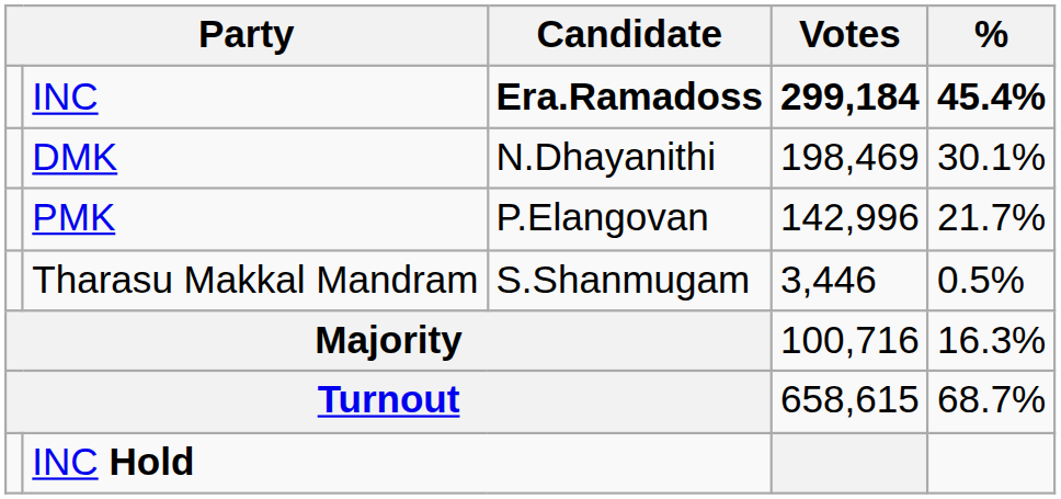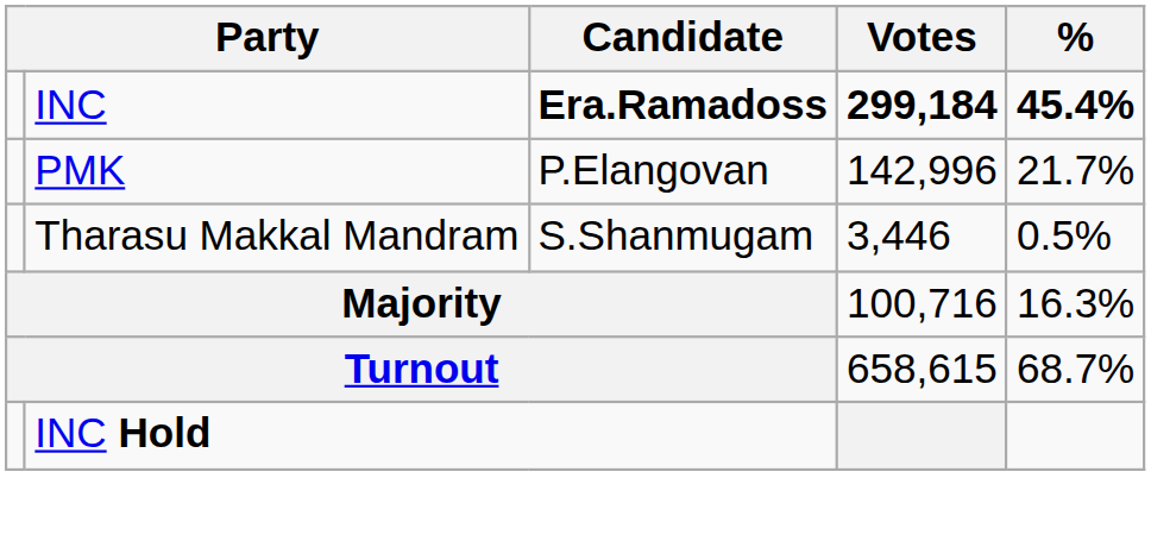 <table class="wikitable">
 <tr>
 <th colspan="2">Party</th>
 <th>Candidate</th>
 <th>Votes</th>
 <th>%</th>
 </tr>
 <tr>
 <td></td>
 <td><a href='#'>INC</a></td>
 <td><strong>Era.Ramadoss</strong></td>
 <td><strong>299,184</strong></td>
 <td><strong>45.4%</strong></td>
-</tr>
-<tr>
-<td></td>
-<td><a href='#'>DMK</a></td>
-<td>N.Dhayanithi</td>
-<td>198,469</td>
-<td>30.1%</td>
 </tr>
 <tr>
 <td></td>
 <td><a href='#'>PMK</a></td>
 <td>P.Elangovan</td>
 <td>142,996</td>
 <td>21.7%</td>
 </tr>
 <tr>
 <td></td>
 <td>Tharasu Makkal Mandram</td>
 <td>S.Shanmugam</td>
 <td>3,446</td>
 <td>0.5%</td>
 </tr>
 <tr>
 <th colspan="3">Majority</th>
 <td>100,716</td>
 <td>16.3%</td>
 </tr>
 <tr>
 <th colspan="3"><a href='#'>Turnout</a></th>
 <td>658,615</td>
 <td>68.7%</td>
 </tr>
 <tr>
 <td></td>
 <td colspan="2"><a href='#'>INC</a> <strong>Hold</strong></td>
 <th></th>
 <td></td>
 </tr>
 </table>
